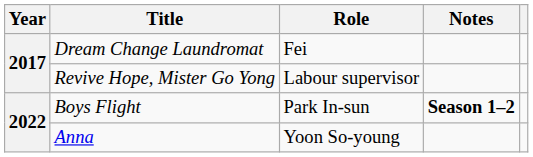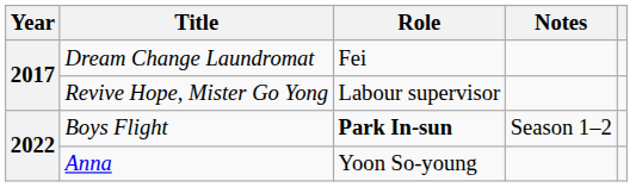 <table class="wikitable  plainrowheaders">
 <tr>
 <th scope="col">Year</th>
 <th scope="col">Title</th>
 <th scope="col">Role</th>
 <th scope="col">Notes</th>
 <th scope="col" class="unsortable"></th>
 </tr>
 <tr>
 <th scope="row" rowspan=2>2017</th>
 <td><em>Dream Change Laundromat</em></td>
 <td>Fei</td>
 <td></td>
 <td></td>
 </tr>
 <tr>
 <td><em>Revive Hope, Mister Go Yong</em></td>
 <td>Labour supervisor</td>
 <td></td>
 <td></td>
 </tr>
 <tr>
 <th scope="row" rowspan=2>2022</th>
 <td><em>Boys Flight</em></td>
-<td>Park In-sun</td>
-<td><strong>Season 1–2</strong></td>
+<td><strong>Park In-sun</strong></td>
+<td>Season 1–2</td>
 <td></td>
 </tr>
 <tr>
 <td><em><a href='#'>Anna</a></em></td>
 <td>Yoon So-young</td>
 <td></td>
 <td></td>
 </tr>
 </table>
